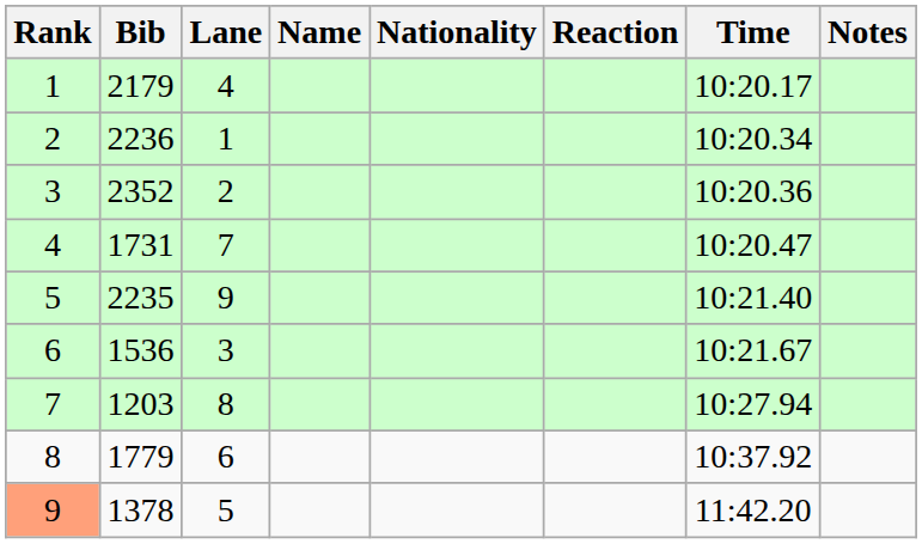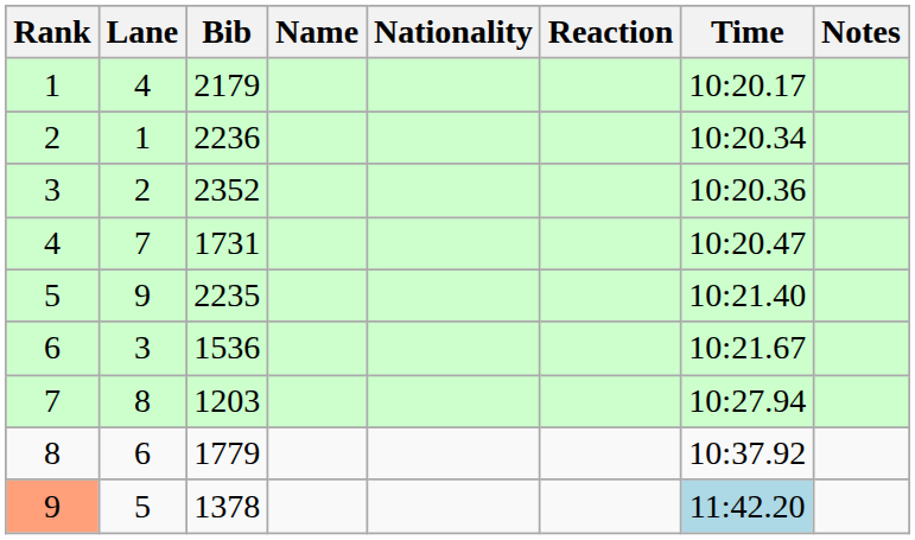 <table class="wikitable sortable" style="text-align:center">
 <tr>
 <th>Rank</th>
+<th>Lane</th>
 <th>Bib</th>
-<th>Lane</th>
 <th>Name</th>
 <th>Nationality</th>
 <th>Reaction</th>
 <th>Time</th>
 <th>Notes</th>
 </tr>
 <tr bgcolor=ccffcc>
 <td>1</td>
+<td>4</td>
 <td>2179</td>
-<td>4</td>
 <td align=left></td>
 <td align=left></td>
 <td></td>
 <td>10:20.17</td>
 <td><strong></strong></td>
 </tr>
 <tr bgcolor=ccffcc>
 <td>2</td>
+<td>1</td>
 <td>2236</td>
-<td>1</td>
 <td align=left></td>
 <td align=left></td>
 <td></td>
 <td>10:20.34</td>
 <td><strong></strong></td>
 </tr>
 <tr bgcolor=ccffcc>
 <td>3</td>
+<td>2</td>
 <td>2352</td>
-<td>2</td>
 <td align=left></td>
 <td align=left></td>
 <td></td>
 <td>10:20.36</td>
 <td><strong></strong></td>
 </tr>
 <tr bgcolor=ccffcc>
 <td>4</td>
+<td>7</td>
 <td>1731</td>
-<td>7</td>
 <td align=left></td>
 <td align=left></td>
 <td></td>
 <td>10:20.47</td>
 <td><strong></strong></td>
 </tr>
 <tr bgcolor=ccffcc>
 <td>5</td>
+<td>9</td>
 <td>2235</td>
-<td>9</td>
 <td align=left></td>
 <td align=left></td>
 <td></td>
 <td>10:21.40</td>
 <td><strong></strong></td>
 </tr>
 <tr bgcolor=ccffcc>
 <td>6</td>
+<td>3</td>
 <td>1536</td>
-<td>3</td>
 <td align=left></td>
 <td align=left></td>
 <td></td>
 <td>10:21.67</td>
 <td><strong></strong></td>
 </tr>
 <tr bgcolor=ccffcc>
 <td>7</td>
+<td>8</td>
 <td>1203</td>
-<td>8</td>
 <td align=left></td>
 <td align=left></td>
 <td></td>
 <td>10:27.94</td>
 <td><strong></strong></td>
 </tr>
 <tr>
 <td>8</td>
+<td>6</td>
 <td>1779</td>
-<td>6</td>
 <td align=left></td>
 <td align=left></td>
 <td></td>
 <td>10:37.92</td>
 <td></td>
 </tr>
 <tr>
 <td style="background: lightsalmon;">9</td>
+<td>5</td>
 <td>1378</td>
-<td>5</td>
 <td align=left></td>
 <td align=left></td>
 <td></td>
-<td>11:42.20</td>
+<td style="background: lightblue;">11:42.20</td>
 <td></td>
 </tr>
 </table>
